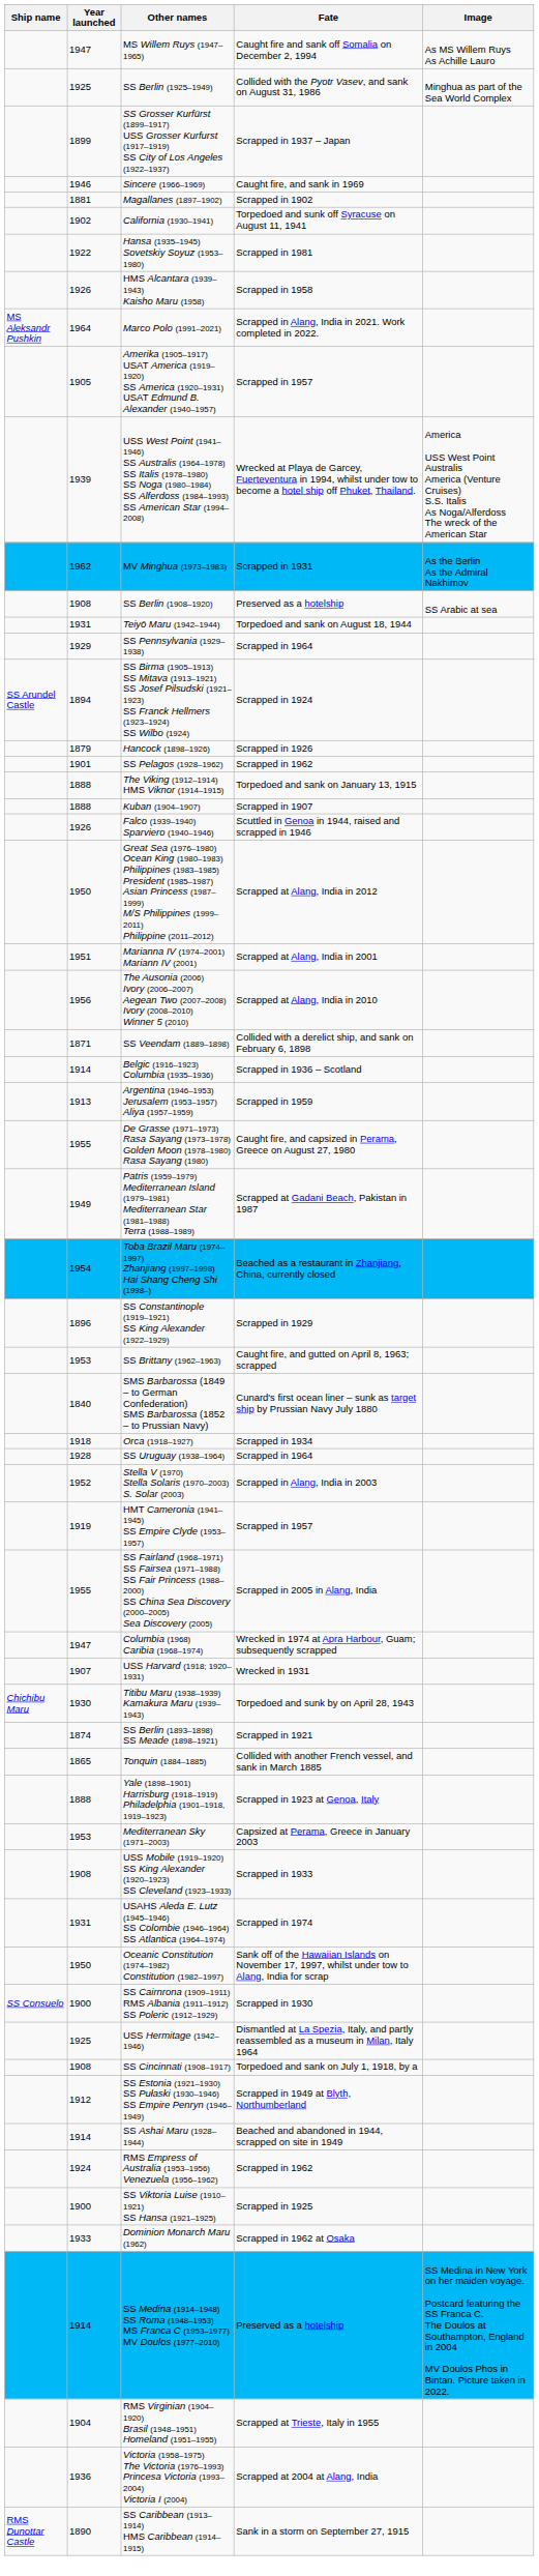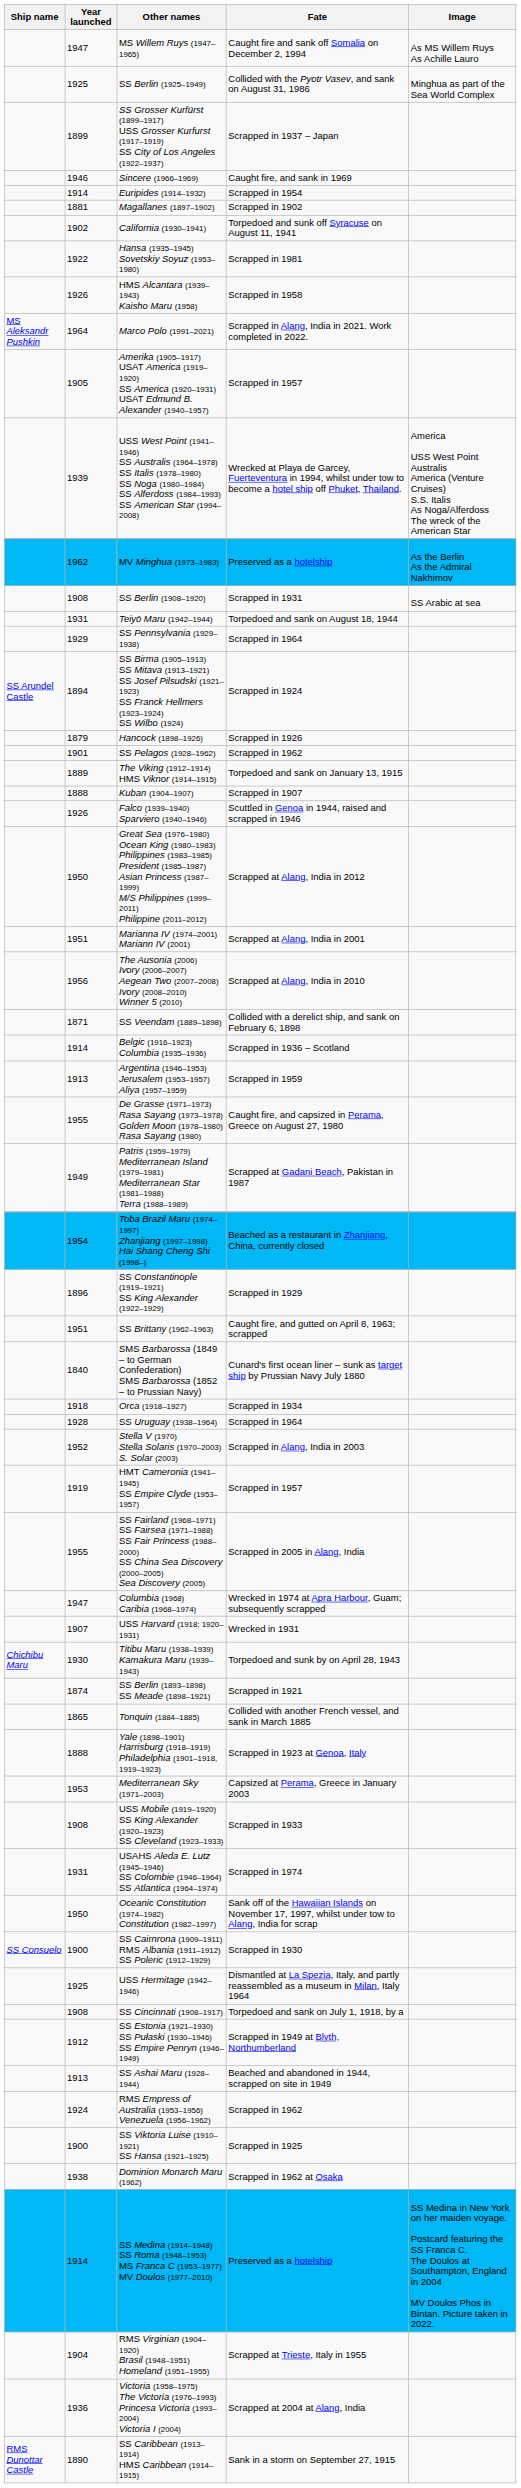 <table class="wikitable sortable">
 <tr>
 <th>Ship name</th>
 <th>Year launched</th>
 <th class="unsortable">Other names</th>
 <th>Fate</th>
 <th>Image</th>
 </tr>
 <tr>
 <td></td>
 <td>1947</td>
 <td>MS <em>Willem Ruys</em> <small>(1947–1965)</small></td>
 <td>Caught fire and sank off <a href='#'>Somalia</a> on December 2, 1994</td>
 <td><br>As MS Willem Ruys <br>As Achille Lauro</td>
 </tr>
 <tr>
 <td></td>
 <td>1925</td>
 <td>SS <em>Berlin</em> <small>(1925–1949)</small></td>
 <td>Collided with the <em>Pyotr Vasev</em>, and sank on August 31, 1986</td>
 <td><br>Minghua as part of the Sea World Complex</td>
 </tr>
 <tr>
 <td></td>
 <td>1899</td>
 <td><em>SS Grosser Kurfürst</em> <small>(1899–1917)</small><br>USS <em>Grosser Kurfurst</em> <small>(1917–1919)</small><br>SS <em>City of Los Angeles</em> <small>(1922–1937)</small></td>
 <td>Scrapped in 1937 – Japan</td>
 <td></td>
 </tr>
 <tr>
 <td></td>
 <td>1946</td>
 <td><em>Sincere</em> <small>(1966–1969)</small></td>
 <td>Caught fire, and sank in 1969</td>
 <td></td>
+</tr>
+<tr>
+<td></td>
+<td>1914</td>
+<td><em>Euripides</em> <small>(1914–1932)</small></td>
+<td>Scrapped in 1954</td>
+<td> </td>
 </tr>
 <tr>
 <td></td>
 <td>1881</td>
 <td><em>Magallanes</em> <small>(1897–1902)</small></td>
 <td>Scrapped in 1902</td>
 <td></td>
 </tr>
 <tr>
 <td></td>
 <td>1902</td>
 <td><em>California</em> <small>(1930–1941)</small></td>
 <td>Torpedoed and sunk off <a href='#'>Syracuse</a> on August 11, 1941</td>
 <td></td>
 </tr>
 <tr>
 <td></td>
 <td>1922</td>
 <td><em>Hansa</em> <small>(1935–1945)</small><br><em>Sovetskiy Soyuz</em> <small>(1953–1980)</small></td>
 <td>Scrapped in 1981</td>
 <td> </td>
 </tr>
 <tr>
 <td></td>
 <td>1926</td>
 <td>HMS <em>Alcantara</em> <small>(1939–1943)</small><br><em>Kaisho Maru</em> <small>(1958)</small></td>
 <td>Scrapped in 1958</td>
 <td></td>
 </tr>
 <tr>
 <td><a href='#'>MS <em>Aleksandr Pushkin</em></a></td>
 <td>1964</td>
 <td><em>Marco Polo</em> <small>(1991–2021)</small></td>
 <td>Scrapped in <a href='#'>Alang</a>, India in 2021. Work completed in 2022.</td>
 <td> </td>
 </tr>
 <tr>
 <td></td>
 <td>1905</td>
 <td><em>Amerika</em> <small>(1905–1917)</small><br>USAT <em>America</em> <small>(1919–1920)</small><br>SS <em>America</em> <small>(1920–1931)</small><br>USAT <em>Edmund B. Alexander</em> <small>(1940–1957)</small></td>
 <td>Scrapped in 1957</td>
 <td>     </td>
 </tr>
 <tr>
 <td></td>
 <td>1939</td>
 <td>USS <em>West Point</em> <small>(1941–1946)</small><br>SS <em>Australis</em> <small>(1964–1978)</small><br>SS <em>Italis</em> <small>(1978–1980)</small><br>SS <em>Noga</em> <small>(1980–1984)</small><br>SS <em>Alferdoss</em> <small>(1984–1993)</small><br>SS <em>American Star</em> <small>(1994–2008)</small></td>
 <td>Wrecked at Playa de Garcey, <a href='#'>Fuerteventura</a> in 1994, whilst under tow to become a <a href='#'>hotel ship</a> off <a href='#'>Phuket</a>, <a href='#'>Thailand</a>.</td>
 <td><br>America<br><br>USS West Point<br>Australis <br>America (Venture Cruises)<br>S.S. Italis<br>As Noga/Alferdoss<br>The wreck of the American Star</td>
 </tr>
 <tr>
 </tr>
 <tr style="background: #00b8f5;">
 <td></td>
 <td>1962</td>
 <td>MV <em>Minghua</em> <small>(1973–1983)</small></td>
-<td>Scrapped in 1931</td>
+<td>Preserved as a <a href='#'>hotelship</a></td>
 <td><br>As the Berlin <br>As the Admiral Nakhimov</td>
 </tr>
 <tr>
 <td></td>
 <td>1908</td>
 <td>SS <em>Berlin</em> <small>(1908–1920)</small></td>
-<td>Preserved as a <a href='#'>hotelship</a></td>
+<td>Scrapped in 1931</td>
 <td><br>SS Arabic at sea</td>
 </tr>
 <tr>
 <td></td>
 <td>1931</td>
 <td><em>Teiyō Maru</em> <small>(1942–1944)</small></td>
 <td>Torpedoed and sank on August 18, 1944</td>
 <td> </td>
 </tr>
 <tr>
 <td></td>
 <td>1929</td>
 <td>SS <em>Pennsylvania</em> <small>(1929–1938)</small></td>
 <td>Scrapped in 1964</td>
 <td></td>
 </tr>
 <tr>
 <td><a href='#'>SS Arundel Castle</a></td>
 <td>1894</td>
 <td>SS <em>Birma</em> <small>(1905–1913)</small><br>SS <em>Mitava</em> <small>(1913–1921)</small><br>SS <em>Josef Pilsudski</em> <small>(1921–1923)</small><br>SS <em>Franck Hellmers</em> <small>(1923–1924)</small><br>SS <em>Wilbo</em> <small>(1924)</small></td>
 <td>Scrapped in 1924</td>
 <td>  </td>
 </tr>
 <tr>
 <td></td>
 <td>1879</td>
 <td><em>Hancock</em> <small>(1898–1926)</small></td>
 <td>Scrapped in 1926</td>
 <td> </td>
 </tr>
 <tr>
 <td></td>
 <td>1901</td>
 <td>SS <em>Pelagos</em> <small>(1928–1962)</small></td>
 <td>Scrapped in 1962</td>
 <td> </td>
 </tr>
 <tr>
 <td></td>
-<td>1888</td>
+<td>1889</td>
 <td><em>The Viking</em> <small>(1912–1914)</small><br>HMS <em>Viknor</em> <small>(1914–1915)</small></td>
 <td>Torpedoed and sank on January 13, 1915</td>
 <td></td>
 </tr>
 <tr>
 <td></td>
 <td>1888</td>
 <td><em>Kuban</em> <small>(1904–1907)</small></td>
 <td>Scrapped in 1907</td>
 <td></td>
 </tr>
 <tr>
 <td></td>
 <td>1926</td>
 <td><em>Falco</em> <small>(1939–1940)</small><br><em>Sparviero</em> <small>(1940–1946)</small></td>
 <td>Scuttled in <a href='#'>Genoa</a> in 1944, raised and scrapped in 1946</td>
 <td></td>
 </tr>
 <tr>
 <td></td>
 <td>1950</td>
 <td><em>Great Sea</em> <small>(1976–1980)</small><br><em>Ocean King</em> <small>(1980–1983)</small><br><em>Philippines</em> <small>(1983–1985)</small><br><em>President</em> <small>(1985–1987)</small><br><em>Asian Princess</em> <small>(1987–1999)</small><br><em>M/S Philippines</em> <small>(1999–2011)</small><br><em>Philippine</em> <small>(2011–2012)</small></td>
 <td>Scrapped at <a href='#'>Alang</a>, India in 2012</td>
 <td></td>
 </tr>
 <tr>
 <td></td>
 <td>1951</td>
 <td><em>Marianna IV</em> <small>(1974–2001)</small><br><em>Mariann IV</em> <small>(2001)</small></td>
 <td>Scrapped at <a href='#'>Alang</a>, India in 2001</td>
 <td></td>
 </tr>
 <tr>
 <td></td>
 <td>1956</td>
 <td><em>The Ausonia</em> <small>(2006)</small><br><em>Ivory</em> <small>(2006–2007)</small><br><em>Aegean Two</em> <small>(2007–2008)</small><br><em>Ivory</em> <small>(2008–2010)</small><br><em>Winner 5</em> <small>(2010)</small></td>
 <td>Scrapped at <a href='#'>Alang</a>, India in 2010</td>
 <td></td>
 </tr>
 <tr>
 <td></td>
 <td>1871</td>
 <td>SS <em>Veendam</em> <small>(1889–1898)</small></td>
 <td>Collided with a derelict ship, and sank on February 6, 1898</td>
 <td></td>
 </tr>
 <tr>
 <td></td>
 <td>1914</td>
 <td><em>Belgic</em> <small>(1916–1923)</small><br><em>Columbia</em> <small>(1935–1936)</small></td>
 <td>Scrapped in 1936 – Scotland</td>
 <td></td>
 </tr>
 <tr>
 <td></td>
 <td>1913</td>
 <td><em>Argentina</em> <small>(1946–1953)</small><br><em>Jerusalem</em> <small>(1953–1957)</small><br><em>Aliya</em> <small>(1957–1959)</small></td>
 <td>Scrapped in 1959</td>
 <td></td>
 </tr>
 <tr>
 <td></td>
 <td>1955</td>
 <td><em>De Grasse</em> <small>(1971–1973)</small><br><em>Rasa Sayang</em> <small>(1973–1978)</small><br><em>Golden Moon</em> <small>(1978–1980)</small><br><em>Rasa Sayang</em> <small>(1980)</small></td>
 <td>Caught fire, and capsized in <a href='#'>Perama</a>, Greece on August 27, 1980</td>
 <td></td>
 </tr>
 <tr>
 <td></td>
 <td>1949</td>
 <td><em>Patris</em> <small>(1959–1979)</small><br><em>Mediterranean Island</em> <small>(1979–1981)</small><br><em>Mediterranean Star</em> <small>(1981–1988)</small><br><em>Terra</em> <small>(1988–1989)</small></td>
 <td>Scrapped at <a href='#'>Gadani Beach</a>, Pakistan in 1987</td>
 <td></td>
 </tr>
 <tr>
 </tr>
 <tr style="background: #00b8f5;">
 <td></td>
 <td>1954</td>
 <td><em>Toba Brazil Maru</em> <small>(1974–1997)</small><br><em>Zhanjiang</em> <small>(1997–1998)</small><br><em>Hai Shang Cheng Shi</em> <small>(1998–)</small></td>
 <td>Beached as a restaurant in <a href='#'>Zhanjiang</a>, China, currently closed</td>
 <td></td>
 </tr>
 <tr>
 <td></td>
 <td>1896</td>
 <td>SS <em>Constantinople</em> <small>(1919–1921)</small><br>SS <em>King Alexander</em> <small>(1922–1929)</small></td>
 <td>Scrapped in 1929</td>
 <td></td>
 </tr>
 <tr>
 <td></td>
-<td>1953</td>
+<td>1951</td>
 <td>SS <em>Brittany</em> <small>(1962–1963)</small></td>
 <td>Caught fire, and gutted on April 8, 1963; scrapped</td>
 <td></td>
 </tr>
 <tr>
 <td></td>
 <td>1840</td>
 <td>SMS <em>Barbarossa</em> (1849 – to German Confederation)<br>SMS <em>Barbarossa</em> (1852 – to Prussian Navy)</td>
 <td>Cunard's first ocean liner – sunk as <a href='#'>target ship</a> by Prussian Navy July 1880</td>
 <td></td>
 </tr>
 <tr>
 <td></td>
 <td>1918</td>
 <td><em>Orca</em> <small>(1918–1927)</small></td>
 <td>Scrapped in 1934</td>
 <td></td>
 </tr>
 <tr>
 <td></td>
 <td>1928</td>
 <td>SS <em>Uruguay</em> <small>(1938–1964)</small></td>
 <td>Scrapped in 1964</td>
 <td></td>
 </tr>
 <tr>
 <td></td>
 <td>1952</td>
 <td><em>Stella V</em> <small>(1970)</small><br><em>Stella Solaris</em> <small>(1970–2003)</small><br><em>S. Solar</em> <small>(2003)</small></td>
 <td>Scrapped in <a href='#'>Alang</a>, India in 2003</td>
 <td></td>
 </tr>
 <tr>
 <td></td>
 <td>1919</td>
 <td>HMT <em>Cameronia</em> <small>(1941–1945)</small><br>SS <em>Empire Clyde</em> <small>(1953–1957)</small></td>
 <td>Scrapped in 1957</td>
 <td></td>
 </tr>
 <tr>
 <td></td>
 <td>1955</td>
 <td>SS <em>Fairland</em> <small>(1968–1971)</small><br>SS <em>Fairsea</em> <small>(1971–1988)</small><br>SS <em>Fair Princess</em> <small>(1988–2000)</small><br>SS <em>China Sea Discovery</em> <small>(2000–2005)</small><br><em>Sea Discovery</em> <small>(2005)</small></td>
 <td>Scrapped in 2005 in <a href='#'>Alang</a>, India</td>
 <td></td>
 </tr>
 <tr>
 <td></td>
 <td>1947</td>
 <td><em>Columbia</em> <small>(1968)</small><br><em>Caribia</em> <small>(1968–1974)</small></td>
 <td>Wrecked in 1974 at <a href='#'>Apra Harbour</a>, Guam; subsequently scrapped</td>
 <td></td>
 </tr>
 <tr>
 <td></td>
 <td>1907</td>
 <td>USS <em>Harvard</em> <small>(1918; 1920–1931)</small></td>
 <td>Wrecked in 1931</td>
 <td></td>
 </tr>
 <tr>
 <td><em><a href='#'>Chichibu Maru</a></em></td>
 <td>1930</td>
 <td><em>Titibu Maru</em> <small>(1938–1939)</small><br><em>Kamakura Maru</em> <small>(1939–1943)</small></td>
 <td>Torpedoed and sunk by  on April 28, 1943</td>
 <td></td>
 </tr>
 <tr>
 <td></td>
 <td>1874</td>
 <td>SS <em>Berlin</em> <small>(1893–1898)</small><br>SS <em>Meade</em> <small>(1898–1921)</small></td>
 <td>Scrapped in 1921</td>
 <td></td>
 </tr>
 <tr>
 <td></td>
 <td>1865</td>
 <td><em>Tonquin</em> <small>(1884–1885)</small></td>
 <td>Collided with another French vessel, and sank in March 1885</td>
 <td></td>
 </tr>
 <tr>
 <td></td>
 <td>1888</td>
 <td><em>Yale</em> <small>(1898–1901)</small><br><em>Harrisburg</em> <small>(1918–1919)</small><br><em>Philadelphia</em> <small>(1901–1918, 1919–1923)</small></td>
 <td>Scrapped in 1923 at <a href='#'>Genoa</a>, <a href='#'>Italy</a></td>
 <td></td>
 </tr>
 <tr>
 <td></td>
 <td>1953</td>
 <td><em>Mediterranean Sky</em> <small>(1971–2003)</small></td>
 <td>Capsized at <a href='#'>Perama</a>, Greece in January 2003</td>
 <td></td>
 </tr>
 <tr>
 <td></td>
 <td>1908</td>
 <td>USS <em>Mobile</em> <small>(1919–1920)</small><br>SS <em>King Alexander</em> <small>(1920–1923)</small><br>SS <em>Cleveland</em> <small>(1923–1933)</small></td>
 <td>Scrapped in 1933</td>
 <td></td>
 </tr>
 <tr>
 <td></td>
 <td>1931</td>
 <td>USAHS <em>Aleda E. Lutz</em> <small>(1945–1946)</small><br>SS <em>Colombie</em> <small>(1946–1964)</small><br>SS <em>Atlantica</em> <small>(1964–1974)</small></td>
 <td>Scrapped in 1974</td>
 <td></td>
 </tr>
 <tr>
 <td></td>
 <td>1950</td>
 <td><em>Oceanic Constitution</em> <small>(1974–1982)</small><br><em>Constitution</em> <small>(1982–1997)</small></td>
 <td>Sank off of the <a href='#'>Hawaiian Islands</a> on November 17, 1997, whilst under tow to <a href='#'>Alang</a>, India for scrap</td>
 <td></td>
 </tr>
 <tr>
 <td><a href='#'><em>SS Consuelo</em></a></td>
 <td>1900</td>
 <td>SS <em>Cairnrona</em> <small>(1909–1911)</small><br>RMS <em>Albania</em> <small>(1911–1912)</small><br>SS <em>Poleric</em> <small>(1912–1929)</small></td>
 <td>Scrapped in 1930</td>
 <td></td>
 </tr>
 <tr>
 <td></td>
 <td>1925</td>
 <td>USS <em>Hermitage</em> <small>(1942–1946)</small></td>
 <td>Dismantled at <a href='#'>La Spezia</a>, Italy, and partly reassembled as a museum in <a href='#'>Milan</a>, Italy 1964</td>
 <td></td>
 </tr>
 <tr>
 <td></td>
 <td>1908</td>
 <td>SS <em>Cincinnati</em> <small>(1908–1917)</small></td>
 <td>Torpedoed and sank on July 1, 1918, by a </td>
 <td></td>
 </tr>
 <tr>
 <td></td>
 <td>1912</td>
 <td>SS <em>Estonia</em> <small>(1921–1930)</small><br>SS <em>Pułaski</em> <small>(1930–1946)</small><br>SS <em>Empire Penryn</em> <small>(1946–1949)</small></td>
 <td>Scrapped in 1949 at <a href='#'>Blyth, Northumberland</a></td>
 <td></td>
 </tr>
 <tr>
 <td></td>
-<td>1914</td>
+<td>1913</td>
 <td>SS <em>Ashai Maru</em> <small>(1928–1944)</small></td>
 <td>Beached and abandoned in 1944, scrapped on site in 1949</td>
 <td></td>
 </tr>
 <tr>
 <td></td>
 <td>1924</td>
 <td>RMS <em>Empress of Australia</em> <small>(1953–1956)</small><br><em>Venezuela</em> <small>(1956–1962)</small></td>
 <td>Scrapped in 1962</td>
 <td></td>
 </tr>
 <tr>
 <td></td>
 <td>1900</td>
 <td>SS <em>Viktoria Luise</em> <small>(1910–1921)</small><br>SS <em>Hansa</em> <small>(1921–1925)</small></td>
 <td>Scrapped in 1925</td>
 <td></td>
 </tr>
 <tr>
 <td></td>
-<td>1933</td>
+<td>1938</td>
 <td><em>Dominion Monarch Maru</em> <small>(1962)</small></td>
 <td>Scrapped in 1962 at <a href='#'>Osaka</a></td>
 </tr>
 <tr style="background: #00b8f5;">
 <td></td>
 <td>1914</td>
 <td>SS <em>Medina</em> <small>(1914–1948)</small><br>SS <em>Roma</em> <small>(1948–1953)</small><br>MS <em>Franca C</em> <small>(1953–1977)</small><br>MV <em>Doulos</em> <small>(1977–2010)</small></td>
 <td>Preserved as a <a href='#'>hotelship</a></td>
 <td><br>SS Medina in New York on her maiden voyage.<br><br>Postcard featuring the SS Franca C.<br> The Doulos at Southampton, England in 2004<br> <br>MV Doulos Phos in Bintan. Picture taken in 2022.</td>
 </tr>
 <tr>
 <td></td>
 <td>1904</td>
 <td>RMS <em>Virginian</em> <small>(1904–1920)</small><br><em>Brasil</em> <small>(1948–1951)</small><br><em>Homeland</em> <small>(1951–1955)</small></td>
 <td>Scrapped at <a href='#'>Trieste</a>, Italy in 1955</td>
 <td></td>
 </tr>
 <tr>
 <td></td>
 <td>1936</td>
 <td><em>Victoria</em> <small>(1958–1975)</small><br><em>The Victoria</em> <small>(1976–1993)</small><br><em>Princesa Victoria</em> <small>(1993–2004)</small><br><em>Victoria I</em> <small>(2004)</small></td>
 <td>Scrapped at 2004 at <a href='#'>Alang</a>, India</td>
 <td></td>
 </tr>
 <tr>
 <td><a href='#'>RMS <em>Dunottar Castle</em></a></td>
 <td>1890</td>
 <td>SS <em>Caribbean</em> <small>(1913–1914)</small><br>HMS <em>Caribbean</em> <small>(1914–1915)</small></td>
 <td>Sank in a storm on September 27, 1915</td>
 <td></td>
 </tr>
 </table>
